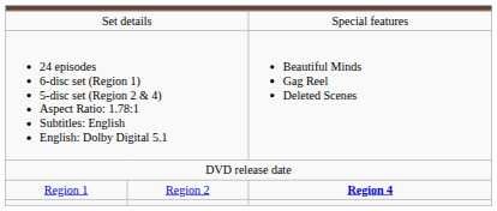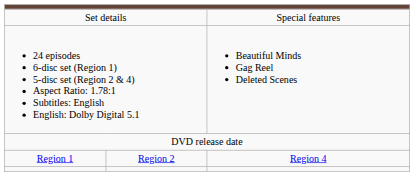 <table class="wikitable" style="font-size: 95%;">
 <tr style="background:#644439">
 <td colspan="4" style="text-align:center;"></td>
 </tr>
 <tr style="text-align:center;">
 <td style="width:300px;" colspan="2">Set details</td>
 <td style="width:300px;" colspan="2">Special features</td>
 </tr>
 <tr valign="top">
 <td colspan="2"  style="text-align:left; width:300px;"><br><ul><li>24 episodes</li><li>6-disc set (Region 1)</li><li>5-disc set (Region 2 & 4)</li><li>Aspect Ratio: 1.78:1</li><li>Subtitles: English</li><li>English: Dolby Digital 5.1</li></ul></td>
 <td colspan="3" style="text-align:left; width:300px;"><br><ul><li>Beautiful Minds</li><li>Gag Reel</li><li>Deleted Scenes</li></ul></td>
 </tr>
 <tr>
 <td colspan="3" style="text-align:center;">DVD release date</td>
 </tr>
 <tr style="text-align:center;">
 <td><a href='#'>Region 1</a></td>
 <td><a href='#'>Region 2</a></td>
-<td><strong><a href='#'>Region 4</a></strong></td>
+<td><a href='#'>Region 4</a></td>
 </tr>
 <tr style="text-align:center;">
 <td></td>
 <td></td>
 <td></td>
 </tr>
 </table>
